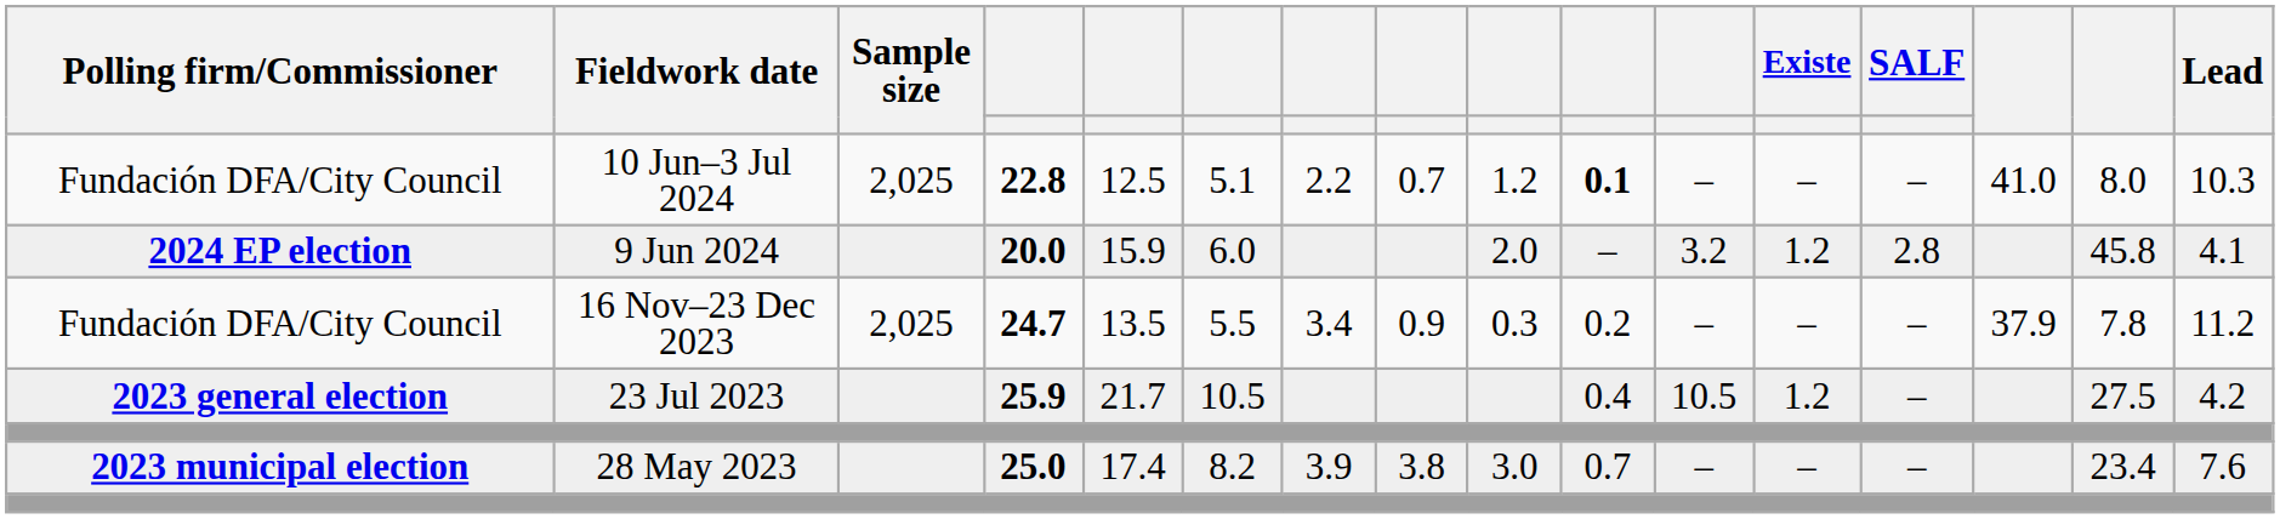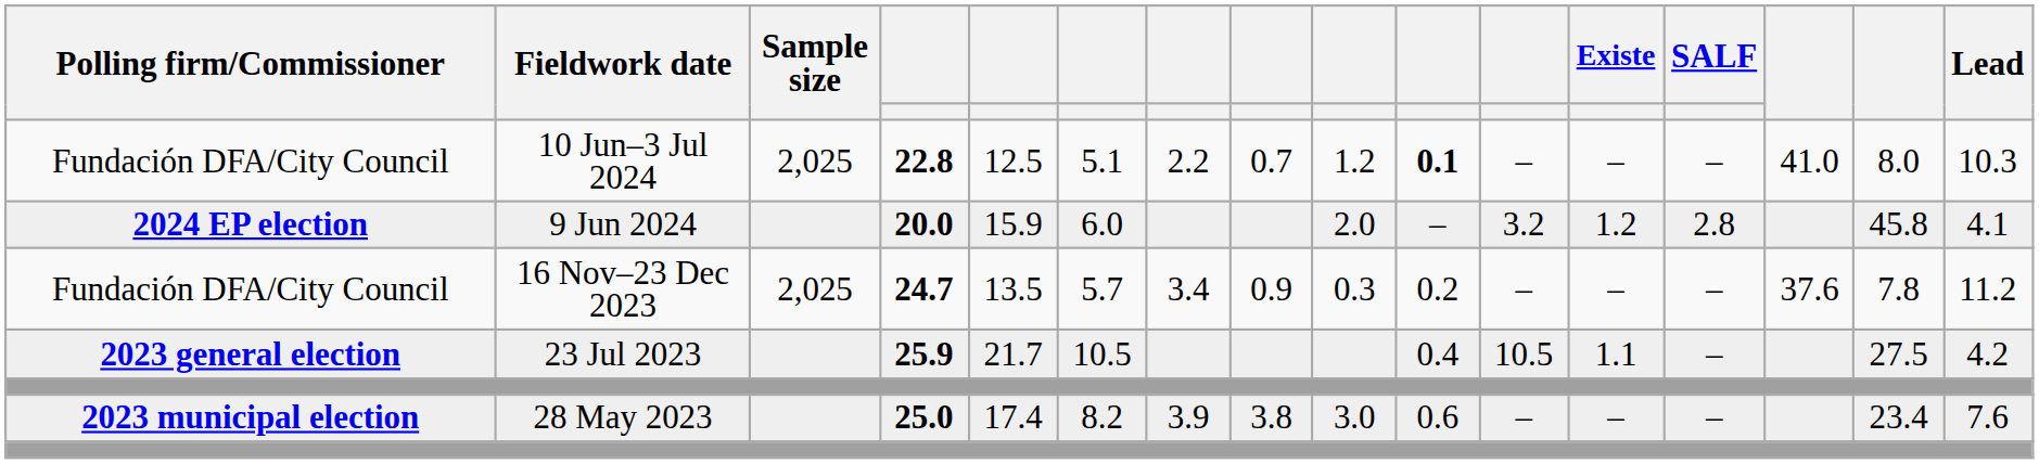 <table class="wikitable collapsible collapsed" style="text-align:center; font-size:90%; line-height:14px;">
 <tr style="height:42px;">
 <th style="width:250px;" rowspan="2">Polling firm/Commissioner</th>
 <th style="width:125px;" rowspan="2">Fieldwork date</th>
 <th style="width:50px;" rowspan="2">Sample size</th>
 <th style="width:35px;"></th>
 <th style="width:35px;"></th>
 <th style="width:35px;"></th>
 <th style="width:35px;"></th>
 <th style="width:35px;"></th>
 <th style="width:35px;"></th>
 <th style="width:35px;"></th>
 <th style="width:35px;"></th>
 <th style="width:35px; font-size:90%;"><a href='#'>Existe</a></th>
 <th style="width:35px;"><a href='#'>SALF</a></th>
 <th style="width:35px;" rowspan="2"></th>
 <th style="width:35px;" rowspan="2"></th>
 <th style="width:30px;" rowspan="2">Lead</th>
 </tr>
 <tr>
 <th style="color:inherit;background:"></th>
 <th style="color:inherit;background:"></th>
 <th style="color:inherit;background:"></th>
 <th style="color:inherit;background:"></th>
 <th style="color:inherit;background:"></th>
 <th style="color:inherit;background:"></th>
 <th style="color:inherit;background:"></th>
 <th style="color:inherit;background:"></th>
 <th style="color:inherit;background:"></th>
 <th style="color:inherit;background:"></th>
 </tr>
 <tr>
 <td>Fundación DFA/City Council</td>
 <td>10 Jun–3 Jul 2024</td>
 <td>2,025</td>
 <td><strong>22.8</strong></td>
 <td>12.5</td>
 <td>5.1</td>
 <td>2.2</td>
 <td>0.7</td>
 <td>1.2</td>
 <td><strong>0.1</strong></td>
 <td>–</td>
 <td>–</td>
 <td>–</td>
 <td>41.0</td>
 <td>8.0</td>
 <td style="background:">10.3</td>
 </tr>
 <tr style="background:#EFEFEF;">
 <td><strong><a href='#'>2024 EP election</a></strong></td>
 <td>9 Jun 2024</td>
 <td></td>
 <td><strong>20.0</strong></td>
 <td>15.9</td>
 <td>6.0</td>
 <td></td>
 <td></td>
 <td>2.0</td>
 <td>–</td>
 <td>3.2</td>
 <td>1.2</td>
 <td>2.8</td>
 <td></td>
 <td>45.8</td>
 <td style="background:">4.1</td>
 </tr>
 <tr>
 <td>Fundación DFA/City Council</td>
 <td>16 Nov–23 Dec 2023</td>
 <td>2,025</td>
 <td><strong>24.7</strong></td>
 <td>13.5</td>
-<td>5.5</td>
+<td>5.7</td>
 <td>3.4</td>
 <td>0.9</td>
 <td>0.3</td>
 <td>0.2</td>
 <td>–</td>
 <td>–</td>
 <td>–</td>
-<td>37.9</td>
+<td>37.6</td>
 <td>7.8</td>
 <td style="background:">11.2</td>
 </tr>
 <tr style="background:#EFEFEF;">
 <td><strong><a href='#'>2023 general election</a></strong></td>
 <td>23 Jul 2023</td>
 <td></td>
 <td><strong>25.9</strong></td>
 <td>21.7</td>
 <td>10.5</td>
 <td></td>
 <td></td>
 <td></td>
 <td>0.4</td>
 <td>10.5</td>
-<td>1.2</td>
+<td>1.1</td>
 <td>–</td>
 <td></td>
 <td>27.5</td>
 <td style="background:">4.2</td>
 </tr>
 <tr>
 <td colspan="16" style="background:#A0A0A0"></td>
 </tr>
 <tr style="background:#EFEFEF;">
 <td><strong><a href='#'>2023 municipal election</a></strong></td>
 <td>28 May 2023</td>
 <td></td>
 <td><strong>25.0</strong></td>
 <td>17.4</td>
 <td>8.2</td>
 <td>3.9</td>
 <td>3.8</td>
 <td>3.0</td>
-<td>0.7</td>
+<td>0.6</td>
 <td>–</td>
 <td>–</td>
 <td>–</td>
 <td></td>
 <td>23.4</td>
 <td style="background:">7.6</td>
 </tr>
 <tr>
 <td colspan="16" style="background:#A0A0A0"></td>
 </tr>
 </table>
